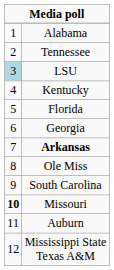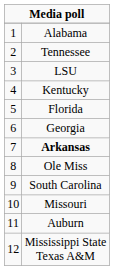 <table class="wikitable">
 <tr align="center">
 <td align="center" Colspan="3"><strong>Media poll</strong></td>
 </tr>
 <tr align="center">
 </tr>
 <tr align="center">
 <td>1</td>
 <td>Alabama</td>
 </tr>
 <tr align="center">
 <td>2</td>
 <td>Tennessee</td>
 </tr>
 <tr align="center">
-<td style="background: lightblue;">3</td>
+<td>3</td>
 <td>LSU</td>
 </tr>
 <tr align="center">
 <td>4</td>
 <td>Kentucky</td>
 </tr>
 <tr align="center">
 <td>5</td>
 <td>Florida</td>
 </tr>
 <tr align="center">
 <td>6</td>
 <td>Georgia</td>
 </tr>
 <tr align="center">
 <td>7</td>
 <td><strong>Arkansas</strong></td>
 </tr>
 <tr align="center">
 <td>8</td>
 <td>Ole Miss</td>
 </tr>
 <tr align="center">
 <td>9</td>
 <td>South Carolina</td>
 </tr>
 <tr align="center">
-<td><strong>10</strong></td>
+<td>10</td>
 <td>Missouri</td>
 </tr>
 <tr align="center">
 <td>11</td>
 <td>Auburn</td>
 </tr>
 <tr align="center">
 <td>12</td>
 <td>Mississippi State<br>Texas A&M</td>
 </tr>
 </table>
